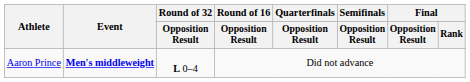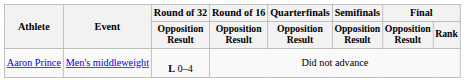 <table class="wikitable" style="font-size:90%">
 <tr>
 <th rowspan="2">Athlete</th>
 <th rowspan="2">Event</th>
 <th>Round of 32</th>
 <th>Round of 16</th>
 <th>Quarterfinals</th>
 <th>Semifinals</th>
 <th colspan=2>Final</th>
 </tr>
 <tr style="font-size:95%">
 <th>Opposition<br>Result</th>
 <th>Opposition<br>Result</th>
 <th>Opposition<br>Result</th>
 <th>Opposition<br>Result</th>
 <th>Opposition<br>Result</th>
 <th>Rank</th>
 </tr>
 <tr align=center>
 <td align=left><a href='#'>Aaron Prince</a></td>
-<td align=left><strong><a href='#'>Men's middleweight</a></strong></td>
+<td align=left><a href='#'>Men's middleweight</a></td>
 <td><br><strong>L</strong> 0–4</td>
 <td colspan=5>Did not advance</td>
 </tr>
 </table>
